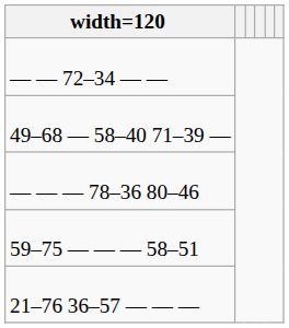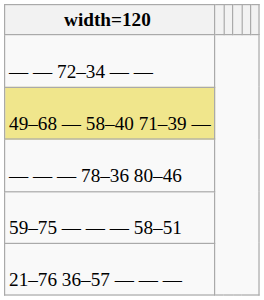 <table class="wikitable" style="text-align:center;">
 <tr>
 <th>width=120 </th>
 <th></th>
 <th></th>
 <th></th>
 <th></th>
 <th></th>
 </tr>
 <tr>
 <td style="text-align:left;"><br> —  —  72–34  —  —</td>
 </tr>
 <tr>
-<td style="text-align:left;"><br> 49–68  —  58–40  71–39  —</td>
+<td style="background: khaki; text-align:left;"><br> 49–68  —  58–40  71–39  —</td>
 </tr>
 <tr>
 <td style="text-align:left;"><br> —  —  —  78–36  80–46</td>
 </tr>
 <tr>
 <td style="text-align:left;"><br> 59–75  —  —  —  58–51</td>
 </tr>
 <tr>
 <td style="text-align:left;"><br> 21–76  36–57  —  —  —</td>
 </tr>
 </table>
